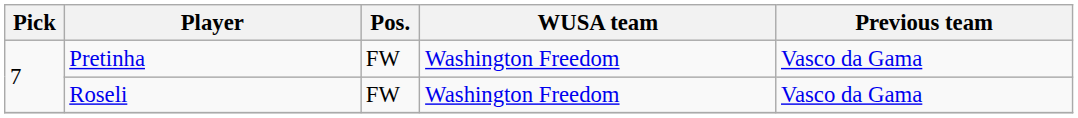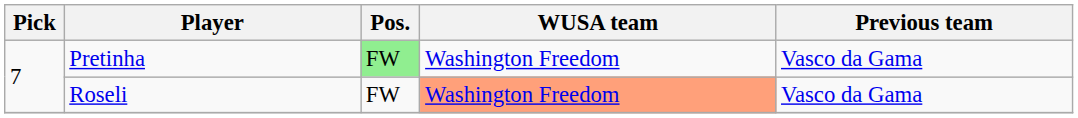 <table class="wikitable">
 <tr>
 <th width="5%">Pick</th>
 <th width="25%">Player</th>
 <th width="5%">Pos.</th>
 <th width="30%">WUSA team</th>
 <th width="25%">Previous team</th>
 </tr>
 <tr>
 <td rowspan=2>7</td>
 <td> <a href='#'>Pretinha</a></td>
-<td>FW</td>
+<td style="background: lightgreen;">FW</td>
 <td><a href='#'>Washington Freedom</a></td>
 <td><a href='#'>Vasco da Gama</a></td>
 </tr>
 <tr>
 <td> <a href='#'>Roseli</a></td>
 <td>FW</td>
-<td><a href='#'>Washington Freedom</a></td>
+<td style="background: lightsalmon;"><a href='#'>Washington Freedom</a></td>
 <td><a href='#'>Vasco da Gama</a></td>
 </tr>
 <tr>
 </tr>
 </table>
